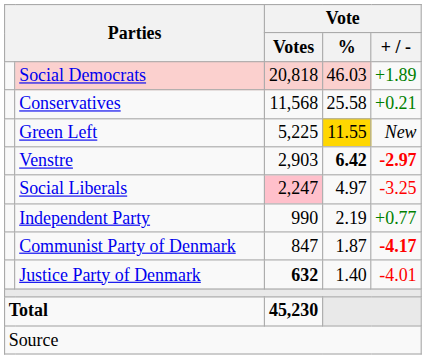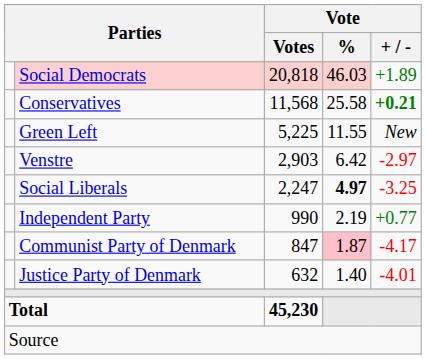 <table class="wikitable" style="text-align:right;">
 <tr>
 <th style="text-align:centre;" rowspan="2" colspan="2" width="225">Parties</th>
 <th colspan="3">Vote</th>
 </tr>
 <tr>
 <th width="15">Votes</th>
 <th width="15">%</th>
 <th width="15">+ / -</th>
 </tr>
 <tr>
 <td width="2" style="color:inherit;background:"></td>
 <td bgcolor=#fbd0ce  align="left"><a href='#'>Social Democrats</a></td>
 <td bgcolor=#fbd0ce>20,818</td>
 <td bgcolor=#fbd0ce>46.03</td>
 <td style=color:green;>+1.89</td>
 </tr>
 <tr>
 <td width="2" style="color:inherit;background:"></td>
 <td align="left"><a href='#'>Conservatives</a></td>
 <td>11,568</td>
 <td>25.58</td>
-<td style=color:green;>+0.21</td>
+<td style=color:green;><strong>+0.21</strong></td>
 </tr>
 <tr>
 <td width="2" style="color:inherit;background:"></td>
 <td align="left"><a href='#'>Green Left</a></td>
 <td>5,225</td>
-<td style="background: gold;">11.55</td>
+<td>11.55</td>
 <td><em>New</em></td>
 </tr>
 <tr>
 <td width="2" style="color:inherit;background:"></td>
 <td align="left"><a href='#'>Venstre</a></td>
 <td>2,903</td>
-<td><strong>6.42</strong></td>
-<td style=color:red;><strong>-2.97</strong></td>
+<td>6.42</td>
+<td style=color:red;>-2.97</td>
 </tr>
 <tr>
 <td width="2" style="color:inherit;background:"></td>
 <td align="left"><a href='#'>Social Liberals</a></td>
-<td style="background: pink;">2,247</td>
-<td>4.97</td>
+<td>2,247</td>
+<td><strong>4.97</strong></td>
 <td style=color:red;>-3.25</td>
 </tr>
 <tr>
 <td width="2" style="color:inherit;background:"></td>
 <td align="left"><a href='#'>Independent Party</a></td>
 <td>990</td>
 <td>2.19</td>
 <td style=color:green;>+0.77</td>
 </tr>
 <tr>
 <td width="2" style="color:inherit;background:"></td>
 <td align="left"><a href='#'>Communist Party of Denmark</a></td>
 <td>847</td>
-<td>1.87</td>
-<td style=color:red;><strong>-4.17</strong></td>
+<td style="background: pink;">1.87</td>
+<td style=color:red;>-4.17</td>
 </tr>
 <tr>
 <td width="2" style="color:inherit;background:"></td>
 <td align="left"><a href='#'>Justice Party of Denmark</a></td>
-<td><strong>632</strong></td>
+<td>632</td>
 <td>1.40</td>
 <td style=color:red;>-4.01</td>
 </tr>
 <tr>
 <td colspan="7" bgcolor="#E9E9E9"></td>
 </tr>
 <tr>
 <td align="left" colspan="2"><strong>Total</strong></td>
 <td><strong>45,230</strong></td>
 <td bgcolor="#E9E9E9" colspan="2"></td>
 </tr>
 <tr>
 <td align="left" colspan="6">Source</td>
 </tr>
 </table>
